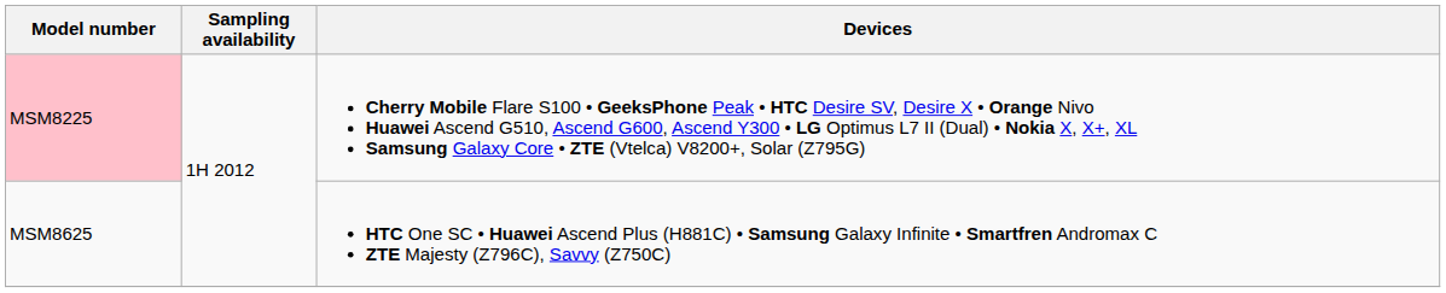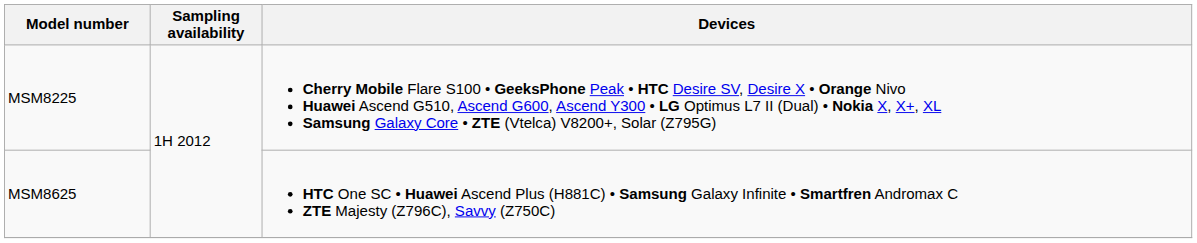 <table class="wikitable" style="width:100%">
 <tr>
 <th>Model number</th>
 <th>Sampling<br>availability</th>
 <th>Devices</th>
 </tr>
 <tr>
-<td style="background: pink;">MSM8225</td>
+<td>MSM8225</td>
 <td rowspan="2">1H 2012</td>
 <td><br><ul><li><strong>Cherry Mobile</strong> Flare S100 • <strong>GeeksPhone</strong> <a href='#'>Peak</a> • <strong>HTC</strong> <a href='#'>Desire SV</a>, <a href='#'>Desire X</a> • <strong>Orange</strong> Nivo</li><li><strong>Huawei</strong> Ascend G510, <a href='#'>Ascend G600</a>, <a href='#'>Ascend Y300</a> • <strong>LG</strong> Optimus L7 II (Dual) • <strong>Nokia</strong> <a href='#'>X</a>, <a href='#'>X+</a>, <a href='#'>XL</a></li><li><strong>Samsung</strong> <a href='#'>Galaxy Core</a> • <strong>ZTE</strong> (Vtelca) V8200+, Solar (Z795G)</li></ul></td>
 </tr>
 <tr>
 <td>MSM8625</td>
 <td><br><ul><li><strong>HTC</strong> One SC • <strong>Huawei</strong> Ascend Plus (H881C) • <strong>Samsung</strong> Galaxy Infinite • <strong>Smartfren</strong> Andromax C</li><li><strong>ZTE</strong> Majesty (Z796C), <a href='#'>Savvy</a> (Z750C)</li></ul></td>
 </tr>
 <tr>
 </tr>
 </table>
